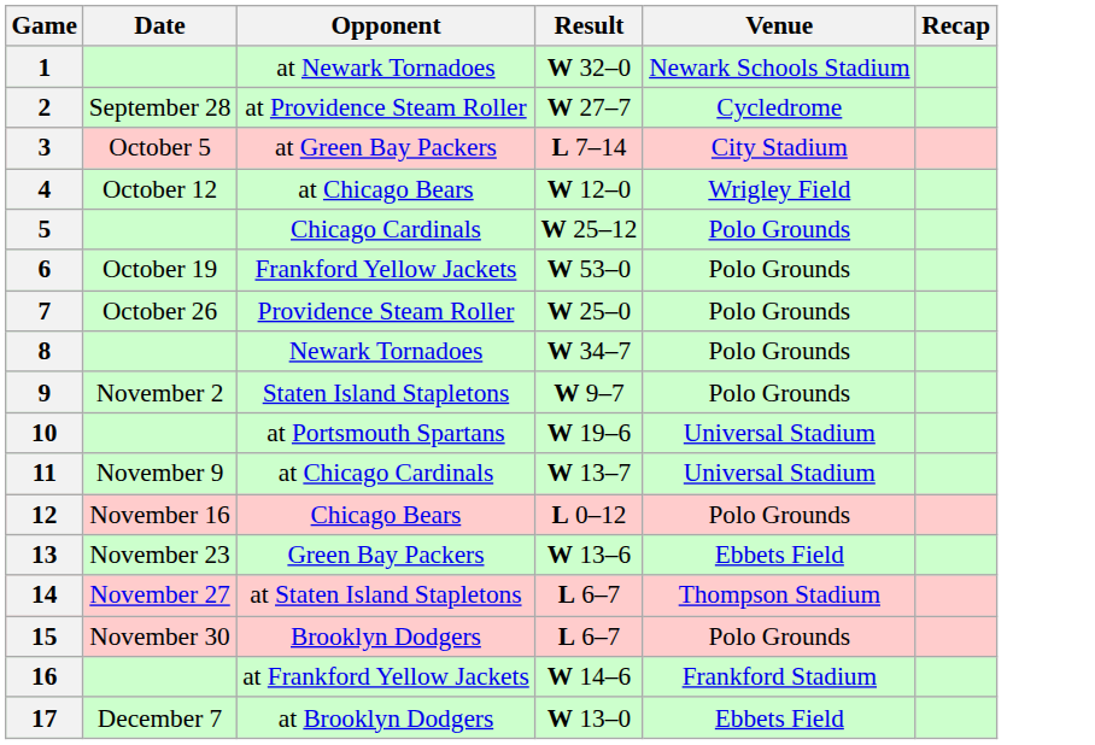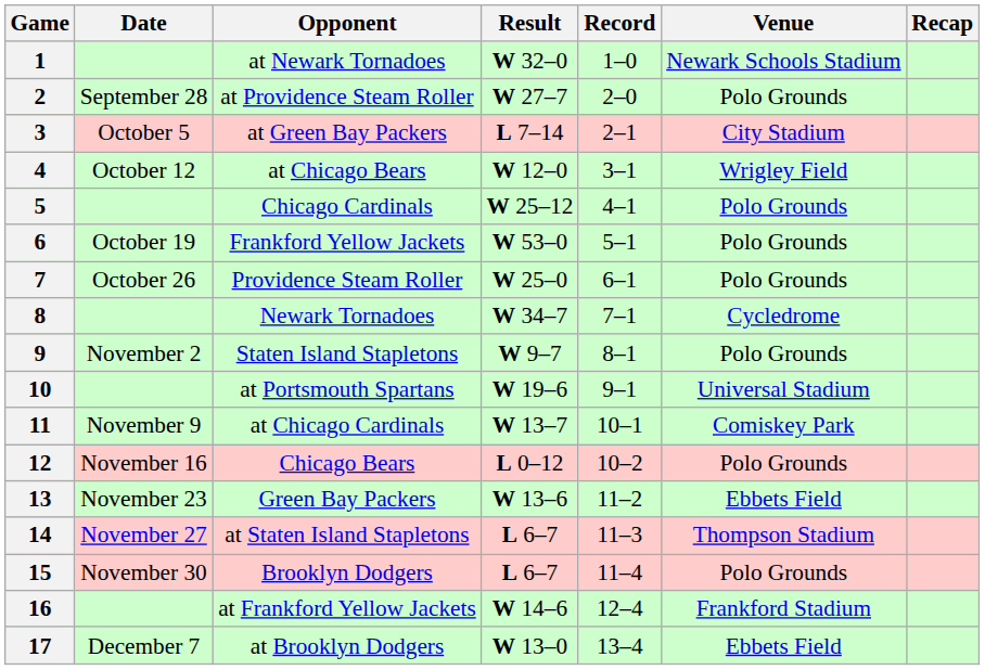 <table class="wikitable" style="text-align:center">
 <tr>
 <th>Game</th>
 <th>Date</th>
 <th>Opponent</th>
 <th>Result</th>
+<th>Record</th>
 <th>Venue</th>
 <th>Recap</th>
 </tr>
 <tr style="background:#cfc">
 <th>1</th>
 <td></td>
 <td>at <a href='#'>Newark Tornadoes</a></td>
 <td><strong>W</strong> 32–0</td>
+<td>1–0</td>
 <td><a href='#'>Newark Schools Stadium</a></td>
 <td></td>
 </tr>
 <tr style="background:#cfc">
 <th>2</th>
 <td>September 28</td>
 <td>at <a href='#'>Providence Steam Roller</a></td>
 <td><strong>W</strong> 27–7</td>
-<td><a href='#'>Cycledrome</a></td>
+<td>2–0</td>
+<td>Polo Grounds</td>
 <td></td>
 </tr>
 <tr style="background:#fcc">
 <th>3</th>
 <td>October 5</td>
 <td>at <a href='#'>Green Bay Packers</a></td>
 <td><strong>L</strong> 7–14</td>
+<td>2–1</td>
 <td><a href='#'>City Stadium</a></td>
 <td></td>
 </tr>
 <tr style="background:#cfc">
 <th>4</th>
 <td>October 12</td>
 <td>at <a href='#'>Chicago Bears</a></td>
 <td><strong>W</strong> 12–0</td>
+<td>3–1</td>
 <td><a href='#'>Wrigley Field</a></td>
 <td></td>
 </tr>
 <tr style="background:#cfc">
 <th>5</th>
 <td></td>
 <td><a href='#'>Chicago Cardinals</a></td>
 <td><strong>W</strong> 25–12</td>
+<td>4–1</td>
 <td><a href='#'>Polo Grounds</a></td>
 <td></td>
 </tr>
 <tr style="background:#cfc">
 <th>6</th>
 <td>October 19</td>
 <td><a href='#'>Frankford Yellow Jackets</a></td>
 <td><strong>W</strong> 53–0</td>
+<td>5–1</td>
 <td>Polo Grounds</td>
 <td></td>
 </tr>
 <tr style="background:#cfc">
 <th>7</th>
 <td>October 26</td>
 <td><a href='#'>Providence Steam Roller</a></td>
 <td><strong>W</strong> 25–0</td>
+<td>6–1</td>
 <td>Polo Grounds</td>
 <td></td>
 </tr>
 <tr style="background:#cfc">
 <th>8</th>
 <td></td>
 <td><a href='#'>Newark Tornadoes</a></td>
 <td><strong>W</strong> 34–7</td>
-<td>Polo Grounds</td>
+<td>7–1</td>
+<td><a href='#'>Cycledrome</a></td>
 <td></td>
 </tr>
 <tr style="background:#cfc">
 <th>9</th>
 <td>November 2</td>
 <td><a href='#'>Staten Island Stapletons</a></td>
 <td><strong>W</strong> 9–7</td>
+<td>8–1</td>
 <td>Polo Grounds</td>
 <td></td>
 </tr>
 <tr style="background:#cfc">
 <th>10</th>
 <td></td>
 <td>at <a href='#'>Portsmouth Spartans</a></td>
 <td><strong>W</strong> 19–6</td>
+<td>9–1</td>
 <td><a href='#'>Universal Stadium</a></td>
 <td></td>
 </tr>
 <tr style="background:#cfc">
 <th>11</th>
 <td>November 9</td>
 <td>at <a href='#'>Chicago Cardinals</a></td>
 <td><strong>W</strong> 13–7</td>
-<td><a href='#'>Universal Stadium</a></td>
+<td>10–1</td>
+<td><a href='#'>Comiskey Park</a></td>
 <td></td>
 </tr>
 <tr style="background:#fcc">
 <th>12</th>
 <td>November 16</td>
 <td><a href='#'>Chicago Bears</a></td>
 <td><strong>L</strong> 0–12</td>
+<td>10–2</td>
 <td>Polo Grounds</td>
 <td></td>
 </tr>
 <tr style="background:#cfc">
 <th>13</th>
 <td>November 23</td>
 <td><a href='#'>Green Bay Packers</a></td>
 <td><strong>W</strong> 13–6</td>
+<td>11–2</td>
 <td><a href='#'>Ebbets Field</a></td>
 <td></td>
 </tr>
 <tr style="background:#fcc">
 <th>14</th>
 <td><a href='#'>November 27</a></td>
 <td>at <a href='#'>Staten Island Stapletons</a></td>
 <td><strong>L</strong> 6–7</td>
+<td>11–3</td>
 <td><a href='#'>Thompson Stadium</a></td>
 <td></td>
 </tr>
 <tr style="background:#fcc">
 <th>15</th>
 <td>November 30</td>
 <td><a href='#'>Brooklyn Dodgers</a></td>
 <td><strong>L</strong> 6–7</td>
+<td>11–4</td>
 <td>Polo Grounds</td>
 <td></td>
 </tr>
 <tr style="background:#cfc">
 <th>16</th>
 <td></td>
 <td>at <a href='#'>Frankford Yellow Jackets</a></td>
 <td><strong>W</strong> 14–6</td>
+<td>12–4</td>
 <td><a href='#'>Frankford Stadium</a></td>
 <td></td>
 </tr>
 <tr style="background:#cfc">
 <th>17</th>
 <td>December 7</td>
 <td>at <a href='#'>Brooklyn Dodgers</a></td>
 <td><strong>W</strong> 13–0</td>
+<td>13–4</td>
 <td><a href='#'>Ebbets Field</a></td>
 <td></td>
 </tr>
 </table>
